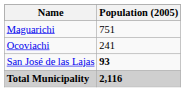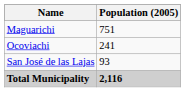 <table class="wikitable">
 <tr style="background:#000000; color:black;">
 <th><strong>Name</strong></th>
 <th><strong>Population (2005)</strong></th>
 </tr>
 <tr>
 <td><a href='#'>Maguarichi</a></td>
 <td>751</td>
 </tr>
 <tr>
 <td><a href='#'>Ocoviachi</a></td>
 <td>241</td>
 </tr>
 <tr>
 <td><a href='#'>San José de las Lajas</a></td>
-<td><strong>93</strong></td>
+<td>93</td>
 </tr>
 <tr style="background:#CFCFCF;">
 <td><strong>Total Municipality</strong></td>
 <td><strong>2,116</strong></td>
 </tr>
 </table>
